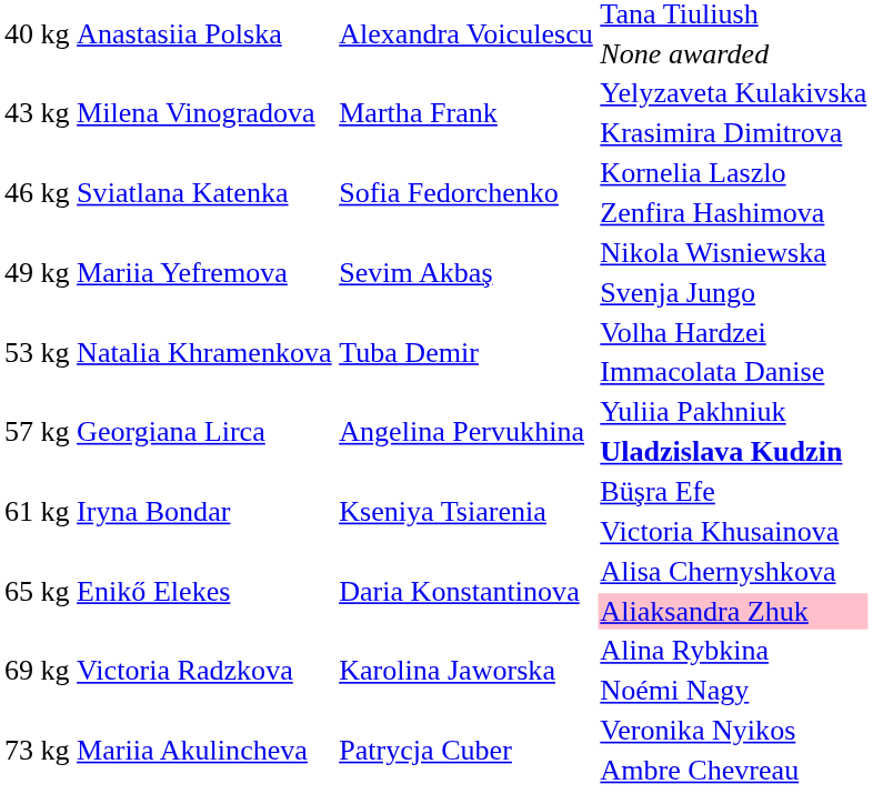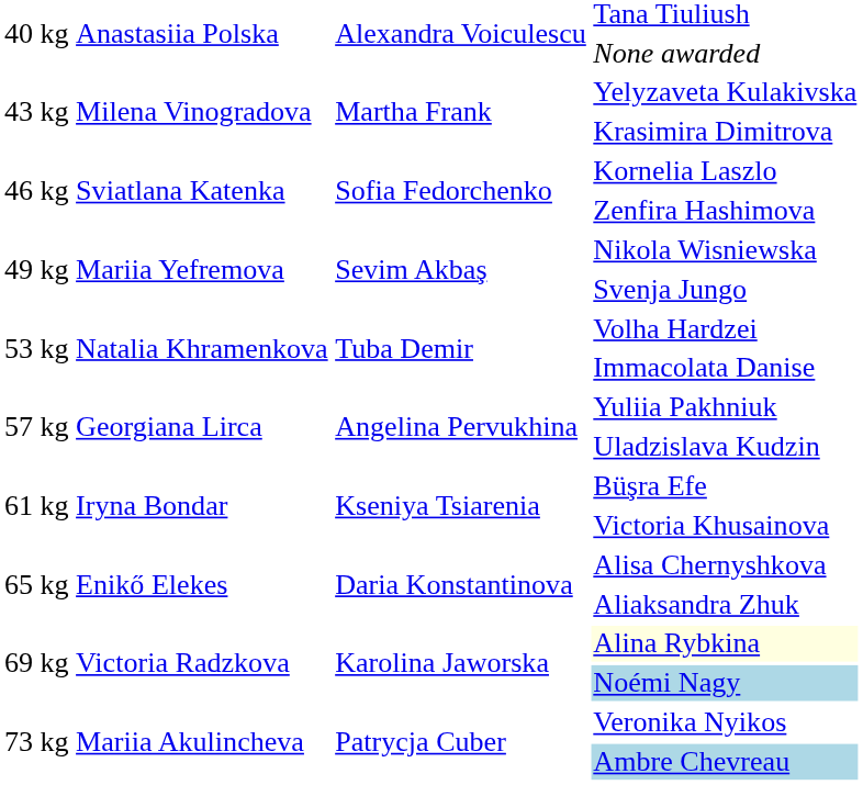 <table>
 <tr>
 <td rowspan=2>40 kg</td>
 <td rowspan=2> <a href='#'>Anastasiia Polska</a></td>
 <td rowspan=2> <a href='#'>Alexandra Voiculescu</a></td>
 <td> <a href='#'>Tana Tiuliush</a></td>
 </tr>
 <tr>
 <td><em>None awarded</em></td>
 </tr>
 <tr>
 <td rowspan=2>43 kg</td>
 <td rowspan=2> <a href='#'>Milena Vinogradova</a></td>
 <td rowspan=2> <a href='#'>Martha Frank</a></td>
 <td> <a href='#'>Yelyzaveta Kulakivska</a></td>
 </tr>
 <tr>
 <td> <a href='#'>Krasimira Dimitrova</a></td>
 </tr>
 <tr>
 <td rowspan=2>46 kg</td>
 <td rowspan=2> <a href='#'>Sviatlana Katenka</a></td>
 <td rowspan=2> <a href='#'>Sofia Fedorchenko</a></td>
 <td> <a href='#'>Kornelia Laszlo</a></td>
 </tr>
 <tr>
 <td> <a href='#'>Zenfira Hashimova</a></td>
 </tr>
 <tr>
 <td rowspan=2>49 kg</td>
 <td rowspan=2> <a href='#'>Mariia Yefremova</a></td>
 <td rowspan=2> <a href='#'>Sevim Akbaş</a></td>
 <td> <a href='#'>Nikola Wisniewska</a></td>
 </tr>
 <tr>
 <td> <a href='#'>Svenja Jungo</a></td>
 </tr>
 <tr>
 <td rowspan=2>53 kg</td>
 <td rowspan=2> <a href='#'>Natalia Khramenkova</a></td>
 <td rowspan=2> <a href='#'>Tuba Demir</a></td>
 <td> <a href='#'>Volha Hardzei</a></td>
 </tr>
 <tr>
 <td> <a href='#'>Immacolata Danise</a></td>
 </tr>
 <tr>
 <td rowspan=2>57 kg</td>
 <td rowspan=2> <a href='#'>Georgiana Lirca</a></td>
 <td rowspan=2> <a href='#'>Angelina Pervukhina</a></td>
 <td> <a href='#'>Yuliia Pakhniuk</a></td>
 </tr>
 <tr>
-<td><strong> <a href='#'>Uladzislava Kudzin</a></strong></td>
+<td> <a href='#'>Uladzislava Kudzin</a></td>
 </tr>
 <tr>
 <td rowspan=2>61 kg</td>
 <td rowspan=2> <a href='#'>Iryna Bondar</a></td>
 <td rowspan=2> <a href='#'>Kseniya Tsiarenia</a></td>
 <td> <a href='#'>Büşra Efe</a></td>
 </tr>
 <tr>
 <td> <a href='#'>Victoria Khusainova</a></td>
 </tr>
 <tr>
 <td rowspan=2>65 kg</td>
 <td rowspan=2> <a href='#'>Enikő Elekes</a></td>
 <td rowspan=2> <a href='#'>Daria Konstantinova</a></td>
 <td> <a href='#'>Alisa Chernyshkova</a></td>
 </tr>
 <tr>
-<td style="background: pink;"> <a href='#'>Aliaksandra Zhuk</a></td>
+<td> <a href='#'>Aliaksandra Zhuk</a></td>
 </tr>
 <tr>
 <td rowspan=2>69 kg</td>
 <td rowspan=2> <a href='#'>Victoria Radzkova</a></td>
 <td rowspan=2> <a href='#'>Karolina Jaworska</a></td>
-<td> <a href='#'>Alina Rybkina</a></td>
+<td style="background: lightyellow;"> <a href='#'>Alina Rybkina</a></td>
 </tr>
 <tr>
-<td> <a href='#'>Noémi Nagy</a></td>
+<td style="background: lightblue;"> <a href='#'>Noémi Nagy</a></td>
 </tr>
 <tr>
 <td rowspan=2>73 kg</td>
 <td rowspan=2> <a href='#'>Mariia Akulincheva</a></td>
 <td rowspan=2> <a href='#'>Patrycja Cuber</a></td>
 <td> <a href='#'>Veronika Nyikos</a></td>
 </tr>
 <tr>
-<td> <a href='#'>Ambre Chevreau</a></td>
+<td style="background: lightblue;"> <a href='#'>Ambre Chevreau</a></td>
 </tr>
 </table>
